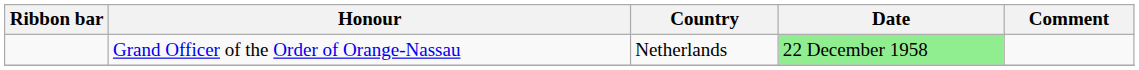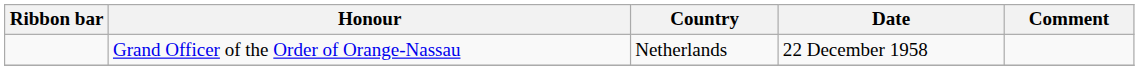 <table class="wikitable" style="width:60%;">
 <tr>
 <th style="width:80px;">Ribbon bar</th>
 <th>Honour</th>
 <th>Country</th>
 <th>Date</th>
 <th>Comment</th>
 </tr>
 <tr>
 <td></td>
 <td><a href='#'>Grand Officer</a> of the <a href='#'>Order of Orange-Nassau</a></td>
 <td>Netherlands</td>
-<td style="background: lightgreen;">22 December 1958</td>
+<td>22 December 1958</td>
 <td></td>
 </tr>
 <tr>
 </tr>
 </table>
